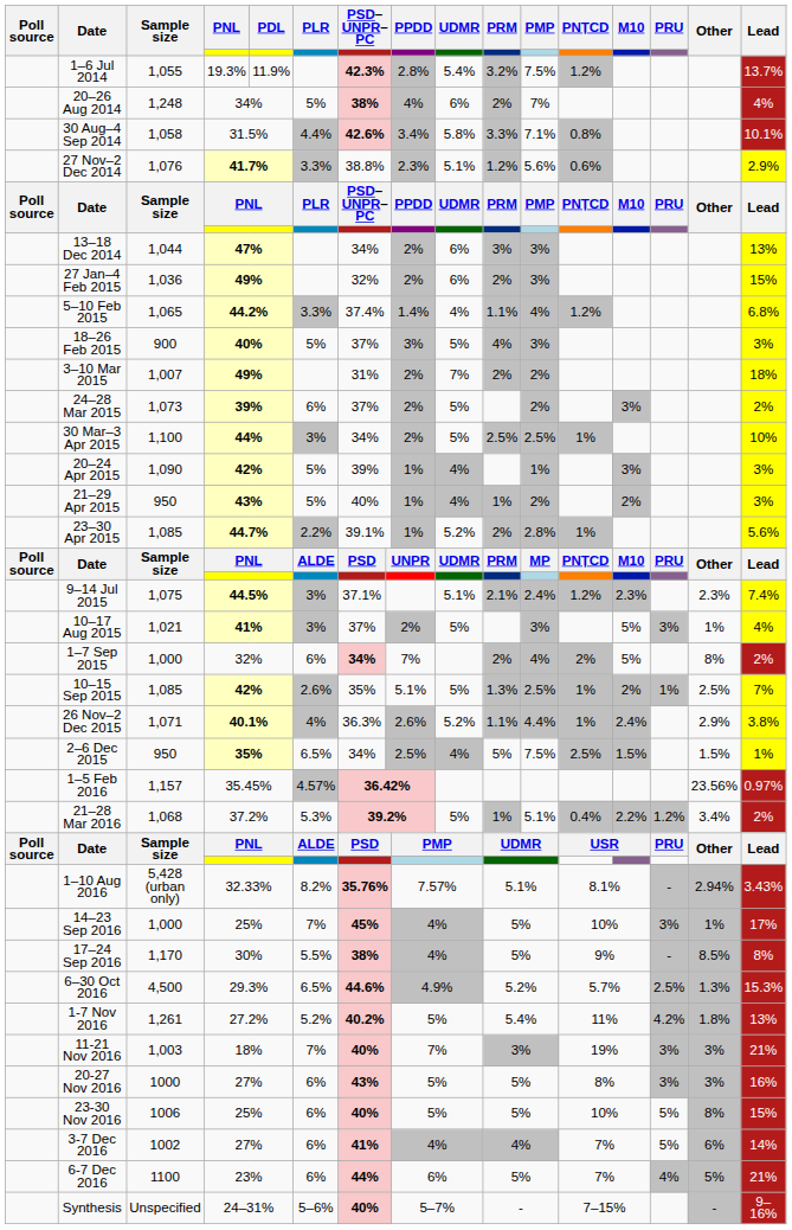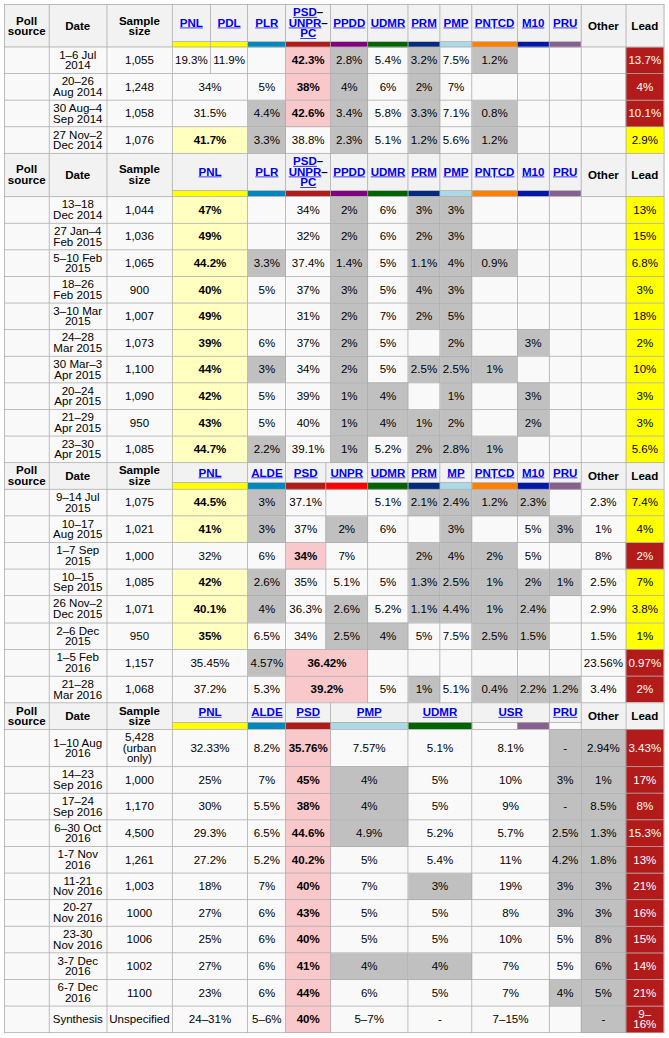 <table class="wikitable" style="text-align:center;font-size:95%;line-height:14px;">
 <tr style="background:lightgrey;">
 <th style="width:90px;" rowspan=2>Poll source</th>
 <th style="width:135px;" rowspan=2>Date</th>
 <th style="width:45px;" rowspan=2>Sample size</th>
 <th style="width:45px;"><a href='#'>PNL</a></th>
 <th style="width:45px;"><a href='#'>PDL</a></th>
 <th style="width:45px;"><a href='#'>PLR</a></th>
 <th style="width:45px;" colspan=3><a href='#'>PSD</a>–<a href='#'>UNPR</a>–<a href='#'>PC</a></th>
 <th style="width:45px;"><a href='#'>PPDD</a></th>
 <th style="width:45px;"><a href='#'>UDMR</a></th>
 <th style="width:45px;"><a href='#'>PRM</a></th>
 <th style="width:45px;"><a href='#'>PMP</a></th>
 <th style="width:45px;"><a href='#'>PNȚCD</a></th>
 <th style="width:45px;"><a href='#'>M10</a></th>
 <th style="width:45px;"><a href='#'>PRU</a></th>
 <th style="width:45px;" rowspan=2>Other</th>
 <th style="width:45px;" rowspan=2>Lead</th>
 </tr>
 <tr>
 <td bgcolor=#FFFF00></td>
 <td bgcolor=#FFFF00></td>
 <td bgcolor=#0087BD></td>
 <td bgcolor=#B31B1B colspan=3></td>
 <td bgcolor=#800080></td>
 <td bgcolor=#006400></td>
 <td bgcolor=#002B7F></td>
 <td bgcolor=#ADD8E6></td>
 <td bgcolor=#FF7F00></td>
 <td bgcolor=#0018A8></td>
 <td bgcolor=#86608E></td>
 </tr>
 <tr>
 <td></td>
 <td>1–6 Jul 2014</td>
 <td>1,055</td>
 <td>19.3%</td>
 <td>11.9%</td>
 <td></td>
 <td style="background:#F9C8CA;" colspan=3><strong>42.3%</strong></td>
 <td bgcolor=silver>2.8%</td>
 <td>5.4%</td>
 <td bgcolor=silver>3.2%</td>
 <td>7.5%</td>
 <td bgcolor=silver>1.2%</td>
 <td></td>
 <td></td>
 <td></td>
 <td style="background:#B31B1B; color:white;">13.7%</td>
 </tr>
 <tr>
 <td></td>
 <td>20–26 Aug 2014</td>
 <td>1,248</td>
 <td colspan=2>34%</td>
 <td>5%</td>
 <td style="background:#F9C8CA;" colspan=3><strong>38%</strong></td>
 <td bgcolor=silver>4%</td>
 <td>6%</td>
 <td bgcolor=silver>2%</td>
 <td>7%</td>
 <td></td>
 <td></td>
 <td></td>
 <td></td>
 <td style="background:#B31B1B; color:white;">4%</td>
 </tr>
 <tr>
 <td></td>
 <td>30 Aug–4 Sep 2014</td>
 <td>1,058</td>
 <td colspan=2>31.5%</td>
 <td bgcolor=silver>4.4%</td>
 <td style="background:#F9C8CA;" colspan=3><strong>42.6%</strong></td>
 <td bgcolor=silver>3.4%</td>
 <td>5.8%</td>
 <td bgcolor=silver>3.3%</td>
 <td>7.1%</td>
 <td bgcolor=silver>0.8%</td>
 <td></td>
 <td></td>
 <td></td>
 <td style="background:#B31B1B; color:white;">10.1%</td>
 </tr>
 <tr>
 <td></td>
 <td>27 Nov–2 Dec 2014</td>
 <td>1,076</td>
 <td style="background:#FFFFBF;" colspan=2><strong>41.7%</strong></td>
 <td bgcolor=silver>3.3%</td>
 <td colspan=3>38.8%</td>
 <td bgcolor=silver>2.3%</td>
 <td>5.1%</td>
 <td bgcolor=silver>1.2%</td>
 <td>5.6%</td>
-<td bgcolor=silver>0.6%</td>
+<td bgcolor=silver>1.2%</td>
 <td></td>
 <td></td>
 <td></td>
 <td style="background:#FFFF00; color:black;">2.9%</td>
 </tr>
 <tr style="background:lightgrey;">
 <th style="width:90px;" rowspan=2>Poll source</th>
 <th style="width:135px;" rowspan=2>Date</th>
 <th style="width:45px;" rowspan=2>Sample size</th>
 <th style="width:45px;" colspan=2><a href='#'>PNL</a></th>
 <th style="width:45px;"><a href='#'>PLR</a></th>
 <th style="width:45px;" colspan=3><a href='#'>PSD</a>–<a href='#'>UNPR</a>–<a href='#'>PC</a></th>
 <th style="width:45px;"><a href='#'>PPDD</a></th>
 <th style="width:45px;"><a href='#'>UDMR</a></th>
 <th style="width:45px;"><a href='#'>PRM</a></th>
 <th style="width:45px;"><a href='#'>PMP</a></th>
 <th style="width:45px;"><a href='#'>PNȚCD</a></th>
 <th style="width:45px;"><a href='#'>M10</a></th>
 <th style="width:45px;"><a href='#'>PRU</a></th>
 <th style="width:45px;" rowspan=2>Other</th>
 <th style="width:45px;" rowspan=2>Lead</th>
 </tr>
 <tr>
 <td bgcolor=#FFFF00 colspan=2></td>
 <td bgcolor=#0087BD></td>
 <td bgcolor=#B31B1B colspan=3></td>
 <td bgcolor=#800080></td>
 <td bgcolor=#006400></td>
 <td bgcolor=#002B7F></td>
 <td bgcolor=#ADD8E6></td>
 <td bgcolor=#FF7F00></td>
 <td bgcolor=#0018A8></td>
 <td bgcolor=#86608E></td>
 </tr>
 <tr>
 <td></td>
 <td>13–18 Dec 2014</td>
 <td>1,044</td>
 <td style="background:#FFFFBF;" colspan=2><strong>47%</strong></td>
 <td></td>
 <td colspan=3>34%</td>
 <td bgcolor=silver>2%</td>
 <td>6%</td>
 <td bgcolor=silver>3%</td>
 <td bgcolor=silver>3%</td>
 <td></td>
 <td></td>
 <td></td>
 <td></td>
 <td style="background:#FFFF00; color:black;">13%</td>
 </tr>
 <tr>
 <td></td>
 <td>27 Jan–4 Feb 2015</td>
 <td>1,036</td>
 <td style="background:#FFFFBF;" colspan=2><strong>49%</strong></td>
 <td></td>
 <td colspan=3>32%</td>
 <td bgcolor=silver>2%</td>
 <td>6%</td>
 <td bgcolor=silver>2%</td>
 <td bgcolor=silver>3%</td>
 <td></td>
 <td></td>
 <td></td>
 <td></td>
 <td style="background:#FFFF00; color:black;">15%</td>
 </tr>
 <tr>
 <td></td>
 <td>5–10 Feb 2015</td>
 <td>1,065</td>
 <td style="background:#FFFFBF;" colspan=2><strong>44.2%</strong></td>
 <td bgcolor=silver>3.3%</td>
 <td colspan=3>37.4%</td>
 <td bgcolor=silver>1.4%</td>
-<td>4%</td>
+<td>5%</td>
 <td bgcolor=silver>1.1%</td>
 <td bgcolor=silver>4%</td>
-<td bgcolor=silver>1.2%</td>
+<td bgcolor=silver>0.9%</td>
 <td></td>
 <td></td>
 <td></td>
 <td style="background:#FFFF00; color:black;">6.8%</td>
 </tr>
 <tr>
 <td></td>
 <td>18–26 Feb 2015</td>
 <td>900</td>
 <td style="background:#FFFFBF;" colspan=2><strong>40%</strong></td>
 <td>5%</td>
 <td colspan=3>37%</td>
 <td bgcolor=silver>3%</td>
 <td>5%</td>
 <td bgcolor=silver>4%</td>
 <td bgcolor=silver>3%</td>
 <td></td>
 <td></td>
 <td></td>
 <td></td>
 <td style="background:#FFFF00; color:black;">3%</td>
 </tr>
 <tr>
 <td></td>
 <td>3–10 Mar 2015</td>
 <td>1,007</td>
 <td style="background:#FFFFBF;" colspan=2><strong>49%</strong></td>
 <td></td>
 <td colspan=3>31%</td>
 <td bgcolor=silver>2%</td>
 <td>7%</td>
 <td bgcolor=silver>2%</td>
-<td bgcolor=silver>2%</td>
+<td bgcolor=silver>5%</td>
 <td></td>
 <td></td>
 <td></td>
 <td></td>
 <td style="background:#FFFF00; color:black;">18%</td>
 </tr>
 <tr>
 <td></td>
 <td>24–28 Mar 2015</td>
 <td>1,073</td>
 <td style="background:#FFFFBF;" colspan=2><strong>39%</strong></td>
 <td>6%</td>
 <td colspan=3>37%</td>
 <td bgcolor=silver>2%</td>
 <td>5%</td>
 <td></td>
 <td bgcolor=silver>2%</td>
 <td></td>
 <td bgcolor=silver>3%</td>
 <td></td>
 <td></td>
 <td style="background:#FFFF00; color:black;">2%</td>
 </tr>
 <tr>
 <td></td>
 <td>30 Mar–3 Apr 2015</td>
 <td>1,100</td>
 <td style="background:#FFFFBF;" colspan=2><strong>44%</strong></td>
 <td bgcolor=silver>3%</td>
 <td colspan=3>34%</td>
 <td bgcolor=silver>2%</td>
 <td>5%</td>
 <td bgcolor=silver>2.5%</td>
 <td bgcolor=silver>2.5%</td>
 <td bgcolor=silver>1%</td>
 <td></td>
 <td></td>
 <td></td>
 <td style="background:#FFFF00; color:black;">10%</td>
 </tr>
 <tr>
 <td></td>
 <td>20–24 Apr 2015</td>
 <td>1,090</td>
 <td style="background:#FFFFBF;" colspan=2><strong>42%</strong></td>
 <td>5%</td>
 <td colspan=3>39%</td>
 <td bgcolor=silver>1%</td>
 <td bgcolor=silver>4%</td>
 <td></td>
 <td bgcolor=silver>1%</td>
 <td></td>
 <td bgcolor=silver>3%</td>
 <td></td>
 <td></td>
 <td style="background:#FFFF00; color:black;">3%</td>
 </tr>
 <tr>
 <td></td>
 <td>21–29 Apr 2015</td>
 <td>950</td>
 <td style="background:#FFFFBF;" colspan=2><strong>43%</strong></td>
 <td>5%</td>
 <td colspan=3>40%</td>
 <td bgcolor=silver>1%</td>
 <td bgcolor=silver>4%</td>
 <td bgcolor=silver>1%</td>
 <td bgcolor=silver>2%</td>
 <td></td>
 <td bgcolor=silver>2%</td>
 <td></td>
 <td></td>
 <td style="background:#FFFF00; color:black;">3%</td>
 </tr>
 <tr>
 <td></td>
 <td>23–30 Apr 2015</td>
 <td>1,085</td>
 <td style="background:#FFFFBF;" colspan=2><strong>44.7%</strong></td>
 <td bgcolor=silver>2.2%</td>
 <td colspan=3>39.1%</td>
 <td bgcolor=silver>1%</td>
 <td>5.2%</td>
 <td bgcolor=silver>2%</td>
 <td bgcolor=silver>2.8%</td>
 <td bgcolor=silver>1%</td>
 <td></td>
 <td></td>
 <td></td>
 <td style="background:#FFFF00; color:black;">5.6%</td>
 </tr>
 <tr>
 <th rowspan=2>Poll source</th>
 <th rowspan=2>Date</th>
 <th rowspan=2>Sample size</th>
 <th colspan=2><strong><a href='#'>PNL</a></strong></th>
 <th style="width:90px;" colspan=2><a href='#'>ALDE</a> </th>
 <th style="width:45px;"><a href='#'>PSD</a></th>
 <th style="width:90px;" colspan=2><a href='#'>UNPR</a> </th>
 <th><a href='#'>UDMR</a></th>
 <th><a href='#'>PRM</a></th>
 <th><a href='#'>MP</a></th>
 <th><a href='#'>PNȚCD</a></th>
 <th><a href='#'>M10</a></th>
 <th><a href='#'>PRU</a></th>
 <th rowspan=2>Other</th>
 <th rowspan=2>Lead</th>
 </tr>
 <tr>
 <td bgcolor=#FFFF00 colspan=2></td>
 <td bgcolor=#0087BD colspan=2></td>
 <td bgcolor=#B31B1B></td>
 <td bgcolor=#FF0000 colspan=2></td>
 <td bgcolor=#006400></td>
 <td bgcolor=#002B7F></td>
 <td bgcolor=#ADD8E6></td>
 <td bgcolor=#FF7F00></td>
 <td bgcolor=#0018A8></td>
 <td bgcolor=#86608E></td>
 </tr>
 <tr>
 <td></td>
 <td>9–14 Jul 2015</td>
 <td>1,075</td>
 <td style="background:#FFFFBF;" colspan=2><strong>44.5%</strong></td>
 <td colspan=2; bgcolor=silver>3%</td>
 <td>37.1%</td>
 <td colspan=2></td>
 <td>5.1%</td>
 <td bgcolor=silver>2.1%</td>
 <td bgcolor=silver>2.4%</td>
 <td bgcolor=silver>1.2%</td>
 <td bgcolor=silver>2.3%</td>
 <td></td>
 <td>2.3%</td>
 <td style="background:#FFFF00; color:black;">7.4%</td>
 </tr>
 <tr>
 <td></td>
 <td>10–17 Aug 2015</td>
 <td>1,021</td>
 <td style="background:#FFFFBF;" colspan=2><strong>41%</strong></td>
 <td colspan=2; bgcolor=silver>3%</td>
 <td>37%</td>
 <td colspan=2; bgcolor=silver>2%</td>
-<td>5%</td>
+<td>6%</td>
 <td></td>
 <td bgcolor=silver>3%</td>
 <td></td>
 <td>5%</td>
 <td bgcolor=silver>3%</td>
 <td>1%</td>
 <td style="background:#FFFF00; color:black;">4%</td>
 </tr>
 <tr>
 <td></td>
 <td>1–7 Sep 2015</td>
 <td>1,000</td>
 <td colspan=2>32%</td>
 <td colspan=2>6%</td>
 <td style="background:#F9C8CA"><strong>34%</strong></td>
 <td colspan=2>7%</td>
 <td></td>
 <td bgcolor=silver>2%</td>
 <td bgcolor=silver>4%</td>
 <td bgcolor=silver>2%</td>
 <td>5%</td>
 <td></td>
 <td>8%</td>
 <td style="background:#B31B1B; color:white;">2%</td>
 </tr>
 <tr>
 <td></td>
 <td>10–15 Sep 2015</td>
 <td>1,085</td>
 <td style="background:#FFFFBF;" colspan=2><strong>42%</strong></td>
 <td colspan=2; bgcolor=silver>2.6%</td>
 <td>35%</td>
 <td colspan=2>5.1%</td>
 <td>5%</td>
 <td bgcolor=silver>1.3%</td>
 <td bgcolor=silver>2.5%</td>
 <td bgcolor=silver>1%</td>
 <td bgcolor=silver>2%</td>
 <td bgcolor=silver>1%</td>
 <td>2.5%</td>
 <td style="background:#FFFF00; color:black;">7%</td>
 </tr>
 <tr>
 <td></td>
 <td>26 Nov–2 Dec 2015</td>
 <td>1,071</td>
 <td style="background:#FFFFBF;" colspan=2><strong>40.1%</strong></td>
 <td colspan=2; bgcolor=silver>4%</td>
 <td>36.3%</td>
 <td colspan=2; bgcolor=silver>2.6%</td>
 <td>5.2%</td>
 <td bgcolor=silver>1.1%</td>
 <td bgcolor=silver>4.4%</td>
 <td bgcolor=silver>1%</td>
 <td bgcolor=silver>2.4%</td>
 <td></td>
 <td>2.9%</td>
 <td style="background:#FFFF00; color:black;">3.8%</td>
 </tr>
 <tr>
 <td></td>
 <td>2–6 Dec 2015</td>
 <td>950</td>
 <td style="background:#FFFFBF;" colspan=2><strong>35%</strong></td>
 <td colspan=2>6.5%</td>
 <td>34%</td>
 <td colspan=2; bgcolor=silver>2.5%</td>
 <td bgcolor=silver>4%</td>
 <td>5%</td>
 <td>7.5%</td>
 <td bgcolor=silver>2.5%</td>
 <td bgcolor=silver>1.5%</td>
 <td></td>
 <td>1.5%</td>
 <td style="background:#FFFF00; color:black;">1%</td>
 </tr>
 <tr>
 <td></td>
 <td>1–5 Feb 2016</td>
 <td>1,157</td>
 <td colspan=2>35.45%</td>
 <td colspan=2; bgcolor=silver>4.57%</td>
 <td style="background:#F9C8CA;" colspan=3><strong>36.42%</strong></td>
 <td></td>
 <td></td>
 <td></td>
 <td></td>
 <td></td>
 <td></td>
 <td>23.56%</td>
 <td style="background:#B31B1B; color:white;">0.97%</td>
 </tr>
 <tr>
 <td></td>
 <td>21–28 Mar 2016</td>
 <td>1,068</td>
 <td colspan=2>37.2%</td>
 <td colspan=2>5.3%</td>
 <td style="background:#F9C8CA;" colspan=3><strong>39.2%</strong></td>
 <td>5%</td>
 <td bgcolor=silver>1%</td>
 <td>5.1%</td>
 <td bgcolor=silver>0.4%</td>
 <td bgcolor=silver>2.2%</td>
 <td bgcolor=silver>1.2%</td>
 <td>3.4%</td>
 <td style="background:#B31B1B; color:white;">2%</td>
 </tr>
 <tr>
 <th rowspan=2>Poll source</th>
 <th rowspan=2>Date</th>
 <th rowspan=2>Sample size</th>
 <th style="width:45px;"  colspan=2><a href='#'>PNL</a></th>
 <th style="width:45px;"  colspan=2><a href='#'>ALDE</a></th>
 <th style="width:45px;"  colspan=2><a href='#'>PSD</a></th>
 <th style="width:45px;"  colspan=2><a href='#'>PMP</a> </th>
 <th style="width:45px;"  colspan=2><a href='#'>UDMR</a></th>
 <th style="width:45px;"  colspan=2><a href='#'>USR</a></th>
 <th style="width:45px;"><a href='#'>PRU</a></th>
 <th rowspan=2>Other</th>
 <th rowspan=2>Lead</th>
 </tr>
 <tr>
 <td bgcolor=#FFFF00 colspan=2></td>
 <td bgcolor=#0087BD colspan=2></td>
 <td bgcolor=#B31B1B colspan=2></td>
 <td bgcolor=#ADD8E6 colspan=2></td>
 <td bgcolor=#006400 colspan=2></td>
 <td style="background-color: "></td>
 <td bgcolor=#86608E></td>
 </tr>
 <tr>
 <td></td>
 <td>1–10 Aug 2016</td>
 <td>5,428 (urban only)</td>
 <td colspan=2>32.33%</td>
 <td colspan=2>8.2%</td>
 <td style="background:#F9C8CA;" colspan=2><strong>35.76%</strong></td>
 <td colspan=2>7.57%</td>
 <td colspan=2>5.1%</td>
 <td colspan=2>8.1%</td>
 <td bgcolor=silver>-</td>
 <td bgcolor=silver>2.94%</td>
 <td style="background:#B31B1B; color:white;">3.43%</td>
 </tr>
 <tr>
 <td></td>
 <td>14–23 Sep 2016</td>
 <td>1,000</td>
 <td colspan=2>25%</td>
 <td colspan=2>7%</td>
 <td style="background:#F9C8CA;" colspan=2><strong>45%</strong></td>
 <td colspan=2; bgcolor=silver>4%</td>
 <td colspan=2>5%</td>
 <td colspan=2>10%</td>
 <td bgcolor=silver>3%</td>
 <td bgcolor=silver>1%</td>
 <td style="background:#B31B1B; color:white;">17%</td>
 </tr>
 <tr>
 <td></td>
 <td>17–24 Sep 2016</td>
 <td>1,170</td>
 <td colspan=2>30%</td>
 <td colspan=2>5.5%</td>
 <td style="background:#F9C8CA;" colspan=2><strong>38%</strong></td>
 <td colspan=2; bgcolor=silver>4%</td>
 <td colspan=2>5%</td>
 <td colspan=2>9%</td>
 <td bgcolor=silver>-</td>
 <td bgcolor=silver>8.5%</td>
 <td style="background:#B31B1B; color:white;">8%</td>
 </tr>
 <tr>
 <td></td>
 <td>6–30 Oct 2016</td>
 <td>4,500</td>
 <td colspan=2>29.3%</td>
 <td colspan=2>6.5%</td>
 <td style="background:#F9C8CA;" colspan=2><strong>44.6%</strong></td>
 <td colspan=2; bgcolor=silver>4.9%</td>
 <td colspan=2>5.2%</td>
 <td colspan=2>5.7%</td>
 <td bgcolor=silver>2.5%</td>
 <td bgcolor=silver>1.3%</td>
 <td style="background:#B31B1B; color:white;">15.3%</td>
 </tr>
 <tr>
 <td></td>
 <td>1-7 Nov 2016</td>
 <td>1,261</td>
 <td colspan="2">27.2%</td>
 <td colspan="2">5.2%</td>
 <td style="background:#F9C8CA;" colspan=2><strong>40.2%</strong></td>
 <td colspan="2">5%</td>
 <td colspan="2">5.4%</td>
 <td colspan="2">11%</td>
 <td bgcolor=silver>4.2%</td>
 <td bgcolor=silver>1.8%</td>
 <td style="background:#B31B1B; color:white;">13%</td>
 </tr>
 <tr>
 <td></td>
 <td>11-21 Nov 2016</td>
 <td>1,003</td>
 <td colspan="2">18%</td>
 <td colspan="2">7%</td>
 <td style="background:#F9C8CA;" colspan=2><strong>40%</strong></td>
 <td colspan="2">7%</td>
 <td colspan=2; bgcolor=silver>3%</td>
 <td colspan="2">19%</td>
 <td bgcolor=silver>3%</td>
 <td bgcolor=silver>3%</td>
 <td style="background:#B31B1B; color:white;">21%</td>
 </tr>
 <tr>
 <td></td>
 <td>20-27 Nov 2016</td>
 <td>1000</td>
 <td colspan="2">27%</td>
 <td colspan="2">6%</td>
 <td style="background:#F9C8CA;" colspan=2><strong>43%</strong></td>
 <td colspan="2">5%</td>
 <td colspan="2">5%</td>
 <td colspan="2">8%</td>
 <td bgcolor=silver>3%</td>
 <td bgcolor=silver>3%</td>
 <td style="background:#B31B1B; color:white;">16%</td>
 </tr>
 <tr>
 <td></td>
 <td>23-30 Nov 2016</td>
 <td>1006</td>
 <td colspan="2">25%</td>
 <td colspan="2">6%</td>
 <td style="background:#F9C8CA;" colspan=2><strong>40%</strong></td>
 <td colspan="2">5%</td>
 <td colspan="2">5%</td>
 <td colspan="2">10%</td>
 <td>5%</td>
 <td bgcolor=silver>8%</td>
 <td style="background:#B31B1B; color:white;">15%</td>
 </tr>
 <tr>
 <td></td>
 <td>3-7 Dec 2016</td>
 <td>1002</td>
 <td colspan="2">27%</td>
 <td colspan="2">6%</td>
 <td style="background:#F9C8CA;" colspan=2><strong>41%</strong></td>
 <td colspan=2; bgcolor=silver>4%</td>
 <td colspan=2; bgcolor=silver>4%</td>
 <td colspan="2">7%</td>
 <td>5%</td>
 <td bgcolor=silver>6%</td>
 <td style="background:#B31B1B; color:white;">14%</td>
 </tr>
 <tr>
 <td></td>
 <td>6-7 Dec 2016</td>
 <td>1100</td>
 <td colspan="2">23%</td>
 <td colspan="2">6%</td>
 <td style="background:#F9C8CA;" colspan=2><strong>44%</strong></td>
 <td colspan="2">6%</td>
 <td colspan="2">5%</td>
 <td colspan="2">7%</td>
 <td bgcolor=silver>4%</td>
 <td bgcolor=silver>5%</td>
 <td style="background:#B31B1B; color:white;">21%</td>
 </tr>
 <tr>
 <td></td>
 <td>Synthesis</td>
 <td>Unspecified</td>
 <td colspan="2">24–31%</td>
 <td colspan="2">5–6%</td>
 <td style="background:#F9C8CA;" colspan=2><strong>40%</strong></td>
 <td colspan="2">5–7%</td>
 <td colspan="2">-</td>
 <td colspan="2">7–15%</td>
 <td></td>
 <td bgcolor=silver>-</td>
 <td style="background:#B31B1B; color:white;">9–16%</td>
 </tr>
 </table>
